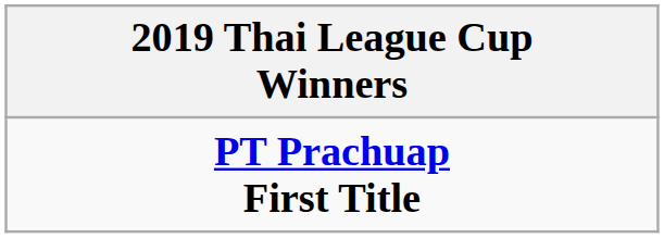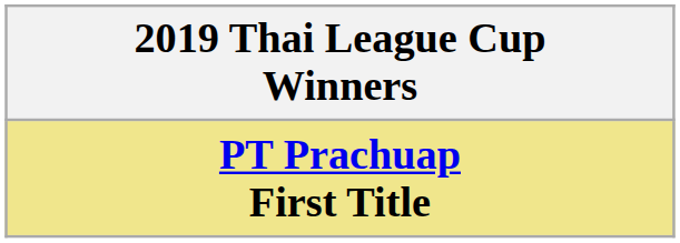 <table class="wikitable" style="text-align: center; margin: 0 auto; width: 20%">
 <tr>
 <th>2019 Thai League Cup<br>Winners</th>
 </tr>
 <tr>
-<td align="center"><strong><a href='#'>PT Prachuap</a></strong><br><strong>First Title</strong></td>
+<td align="center" style="background: khaki;"><strong><a href='#'>PT Prachuap</a></strong><br><strong>First Title</strong></td>
 </tr>
 </table>
